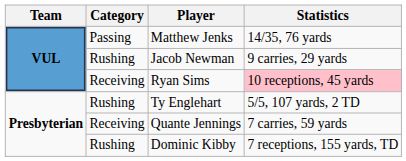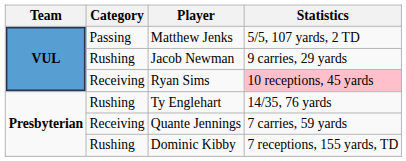 <table class="wikitable" style="float: right;">
 <tr>
 <th>Team</th>
 <th>Category</th>
 <th>Player</th>
 <th>Statistics</th>
 </tr>
 <tr>
 <td rowspan=3 style="background-color:#579FD3;color:#000000;box-shadow: inset 2px 2px 0 #2A344E, inset -2px -2px 0 #2A344E; text-align:center;"><strong>VUL</strong></td>
 <td>Passing</td>
 <td>Matthew Jenks</td>
-<td>14/35, 76 yards</td>
+<td>5/5, 107 yards, 2 TD</td>
 </tr>
 <tr>
 <td>Rushing</td>
 <td>Jacob Newman</td>
 <td>9 carries, 29 yards</td>
 </tr>
 <tr>
 <td>Receiving</td>
 <td>Ryan Sims</td>
 <td style="background: pink;">10 receptions, 45 yards</td>
 </tr>
 <tr>
 <td rowspan=3><strong>Presbyterian</strong></td>
 <td>Rushing</td>
 <td>Ty Englehart</td>
-<td>5/5, 107 yards, 2 TD</td>
+<td>14/35, 76 yards</td>
 </tr>
 <tr>
 <td>Receiving</td>
 <td>Quante Jennings</td>
 <td>7 carries, 59 yards</td>
 </tr>
 <tr>
 <td>Rushing</td>
 <td>Dominic Kibby</td>
 <td>7 receptions, 155 yards, TD</td>
 </tr>
 </table>
